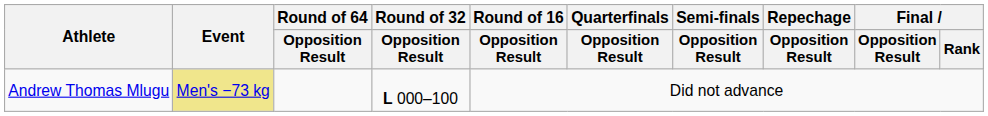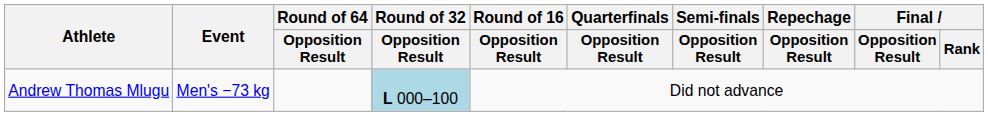 <table class="wikitable" style="font-size:90%">
 <tr>
 <th rowspan=2>Athlete</th>
 <th rowspan=2>Event</th>
 <th>Round of 64</th>
 <th>Round of 32</th>
 <th>Round of 16</th>
 <th>Quarterfinals</th>
 <th>Semi-finals</th>
 <th>Repechage</th>
 <th colspan=2>Final / </th>
 </tr>
 <tr style="font-size:95%">
 <th>Opposition<br>Result</th>
 <th>Opposition<br>Result</th>
 <th>Opposition<br>Result</th>
 <th>Opposition<br>Result</th>
 <th>Opposition<br>Result</th>
 <th>Opposition<br>Result</th>
 <th>Opposition<br>Result</th>
 <th>Rank</th>
 </tr>
 <tr align=center>
 <td align=left><a href='#'>Andrew Thomas Mlugu</a></td>
-<td align=left style="background: khaki;"><a href='#'>Men's −73 kg</a></td>
+<td align=left><a href='#'>Men's −73 kg</a></td>
 <td></td>
-<td><br><strong>L</strong> 000–100</td>
+<td style="background: lightblue;"><br><strong>L</strong> 000–100</td>
 <td colspan=6>Did not advance</td>
 </tr>
 </table>
